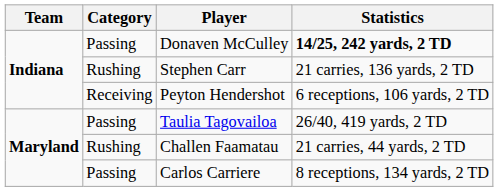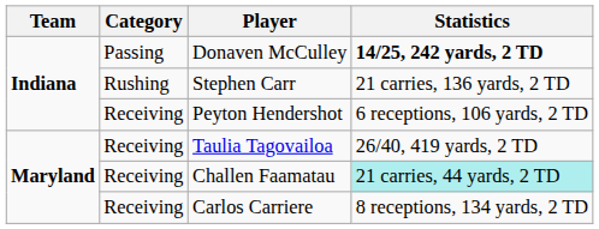 <table class="wikitable" style="float: right;">
 <tr>
 <th>Team</th>
 <th>Category</th>
 <th>Player</th>
 <th>Statistics</th>
 </tr>
 <tr>
 <td rowspan=3><strong>Indiana</strong></td>
 <td>Passing</td>
 <td>Donaven McCulley</td>
 <td><strong>14/25, 242 yards, 2 TD</strong></td>
 </tr>
 <tr>
 <td>Rushing</td>
 <td>Stephen Carr</td>
 <td>21 carries, 136 yards, 2 TD</td>
 </tr>
 <tr>
 <td>Receiving</td>
 <td>Peyton Hendershot</td>
 <td>6 receptions, 106 yards, 2 TD</td>
 </tr>
 <tr>
 <td rowspan=3><strong>Maryland</strong></td>
-<td>Passing</td>
+<td>Receiving</td>
 <td><a href='#'>Taulia Tagovailoa</a></td>
 <td>26/40, 419 yards, 2 TD</td>
 </tr>
 <tr>
-<td>Rushing</td>
+<td>Receiving</td>
 <td>Challen Faamatau</td>
-<td>21 carries, 44 yards, 2 TD</td>
+<td style="background: paleturquoise;">21 carries, 44 yards, 2 TD</td>
 </tr>
 <tr>
-<td>Passing</td>
+<td>Receiving</td>
 <td>Carlos Carriere</td>
 <td>8 receptions, 134 yards, 2 TD</td>
 </tr>
 </table>
